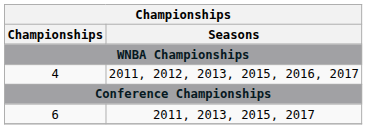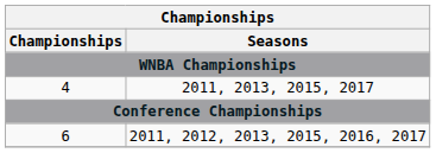 <table class="wikitable sortable" style="text-align:center">
 <tr>
 <th colspan="5">Championships</th>
 </tr>
 <tr>
 <th>Championships</th>
 <th>Seasons</th>
 </tr>
 <tr>
 <th colspan="5" style="text-align:center; background:#A1A1A4; color:#061922;">WNBA Championships</th>
 </tr>
 <tr>
 <td>4</td>
-<td>2011, 2012, 2013, 2015, 2016, 2017</td>
+<td>2011, 2013, 2015, 2017</td>
 </tr>
 <tr>
 <th colspan="5" style="text-align:center; background:#A1A1A4; color:#061922;">Conference Championships</th>
 </tr>
 <tr>
 <td>6</td>
-<td>2011, 2013, 2015, 2017</td>
+<td>2011, 2012, 2013, 2015, 2016, 2017</td>
 </tr>
 <tr>
 </tr>
 </table>
